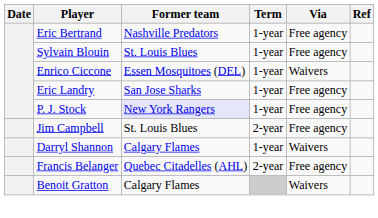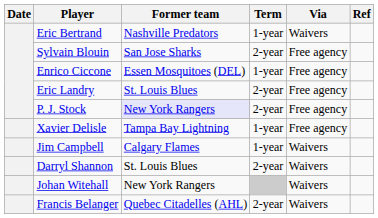 <table class="wikitable plainrowheaders">
 <tr style="background:#ddd; text-align:center;">
 <th>Date</th>
 <th>Player</th>
 <th>Former team</th>
 <th>Term</th>
 <th>Via</th>
 <th>Ref</th>
 </tr>
 <tr>
 <th scope="row" rowspan=5></th>
 <td><a href='#'>Eric Bertrand</a></td>
 <td><a href='#'>Nashville Predators</a></td>
 <td>1-year</td>
-<td>Free agency</td>
+<td>Waivers</td>
 <td></td>
 </tr>
 <tr>
 <td><a href='#'>Sylvain Blouin</a></td>
-<td><a href='#'>St. Louis Blues</a></td>
-<td>1-year</td>
+<td><a href='#'>San Jose Sharks</a></td>
+<td>2-year</td>
 <td>Free agency</td>
 <td></td>
 </tr>
 <tr>
 <td><a href='#'>Enrico Ciccone</a></td>
 <td><a href='#'>Essen Mosquitoes</a> (<a href='#'>DEL</a>)</td>
 <td>1-year</td>
-<td>Waivers</td>
+<td>Free agency</td>
 <td></td>
 </tr>
 <tr>
 <td><a href='#'>Eric Landry</a></td>
-<td><a href='#'>San Jose Sharks</a></td>
-<td>1-year</td>
+<td><a href='#'>St. Louis Blues</a></td>
+<td>2-year</td>
 <td>Free agency</td>
 <td></td>
 </tr>
 <tr>
 <td><a href='#'>P. J. Stock</a></td>
 <td style="background: lavender;"><a href='#'>New York Rangers</a></td>
+<td>2-year</td>
+<td>Free agency</td>
+<td></td>
+</tr>
+<tr>
+<th scope="row"></th>
+<td><a href='#'>Xavier Delisle</a></td>
+<td><a href='#'>Tampa Bay Lightning</a></td>
 <td>1-year</td>
 <td>Free agency</td>
 <td></td>
 </tr>
 <tr>
 <th scope="row"></th>
 <td><a href='#'>Jim Campbell</a></td>
-<td>St. Louis Blues</td>
-<td>2-year</td>
-<td>Free agency</td>
+<td><a href='#'>Calgary Flames</a></td>
+<td>1-year</td>
+<td>Waivers</td>
 <td></td>
 </tr>
 <tr>
 <th scope="row"></th>
 <td><a href='#'>Darryl Shannon</a></td>
-<td><a href='#'>Calgary Flames</a></td>
-<td>1-year</td>
+<td>St. Louis Blues</td>
+<td>2-year</td>
+<td>Waivers</td>
+<td></td>
+</tr>
+<tr>
+<th scope="row"></th>
+<td><a href='#'>Johan Witehall</a></td>
+<td>New York Rangers</td>
+<td style="background:#ccc"></td>
 <td>Waivers</td>
 <td></td>
 </tr>
 <tr>
 <th scope="row"></th>
 <td><a href='#'>Francis Belanger</a></td>
 <td><a href='#'>Quebec Citadelles</a> (<a href='#'>AHL</a>)</td>
 <td>2-year</td>
-<td>Free agency</td>
-<td></td>
-</tr>
-<tr>
-<th scope="row"></th>
-<td><a href='#'>Benoit Gratton</a></td>
-<td>Calgary Flames</td>
-<td style="background:#ccc"></td>
 <td>Waivers</td>
 <td></td>
 </tr>
 </table>
